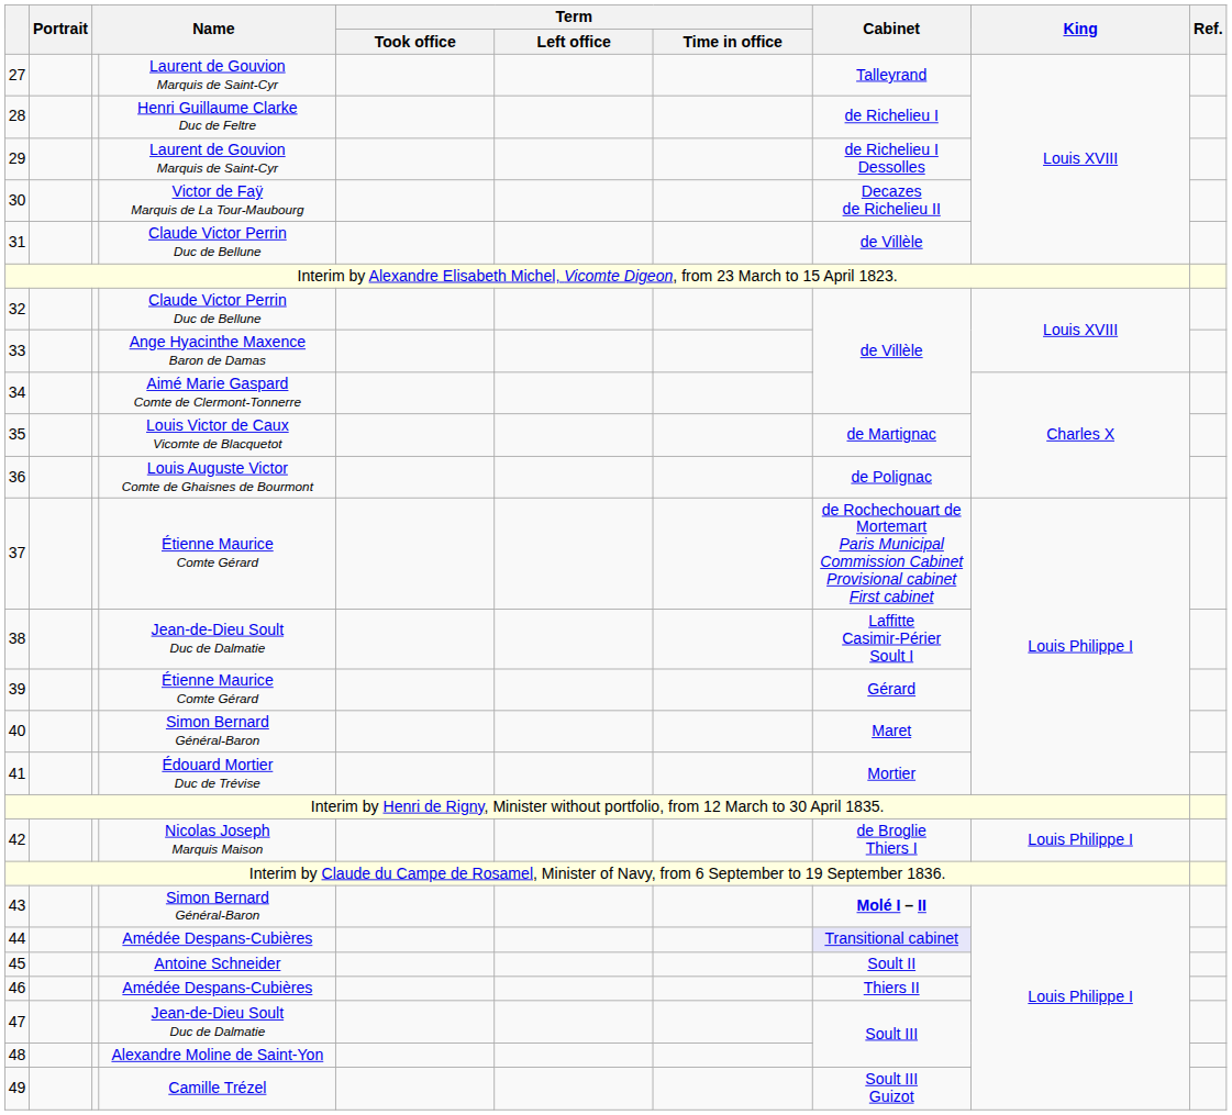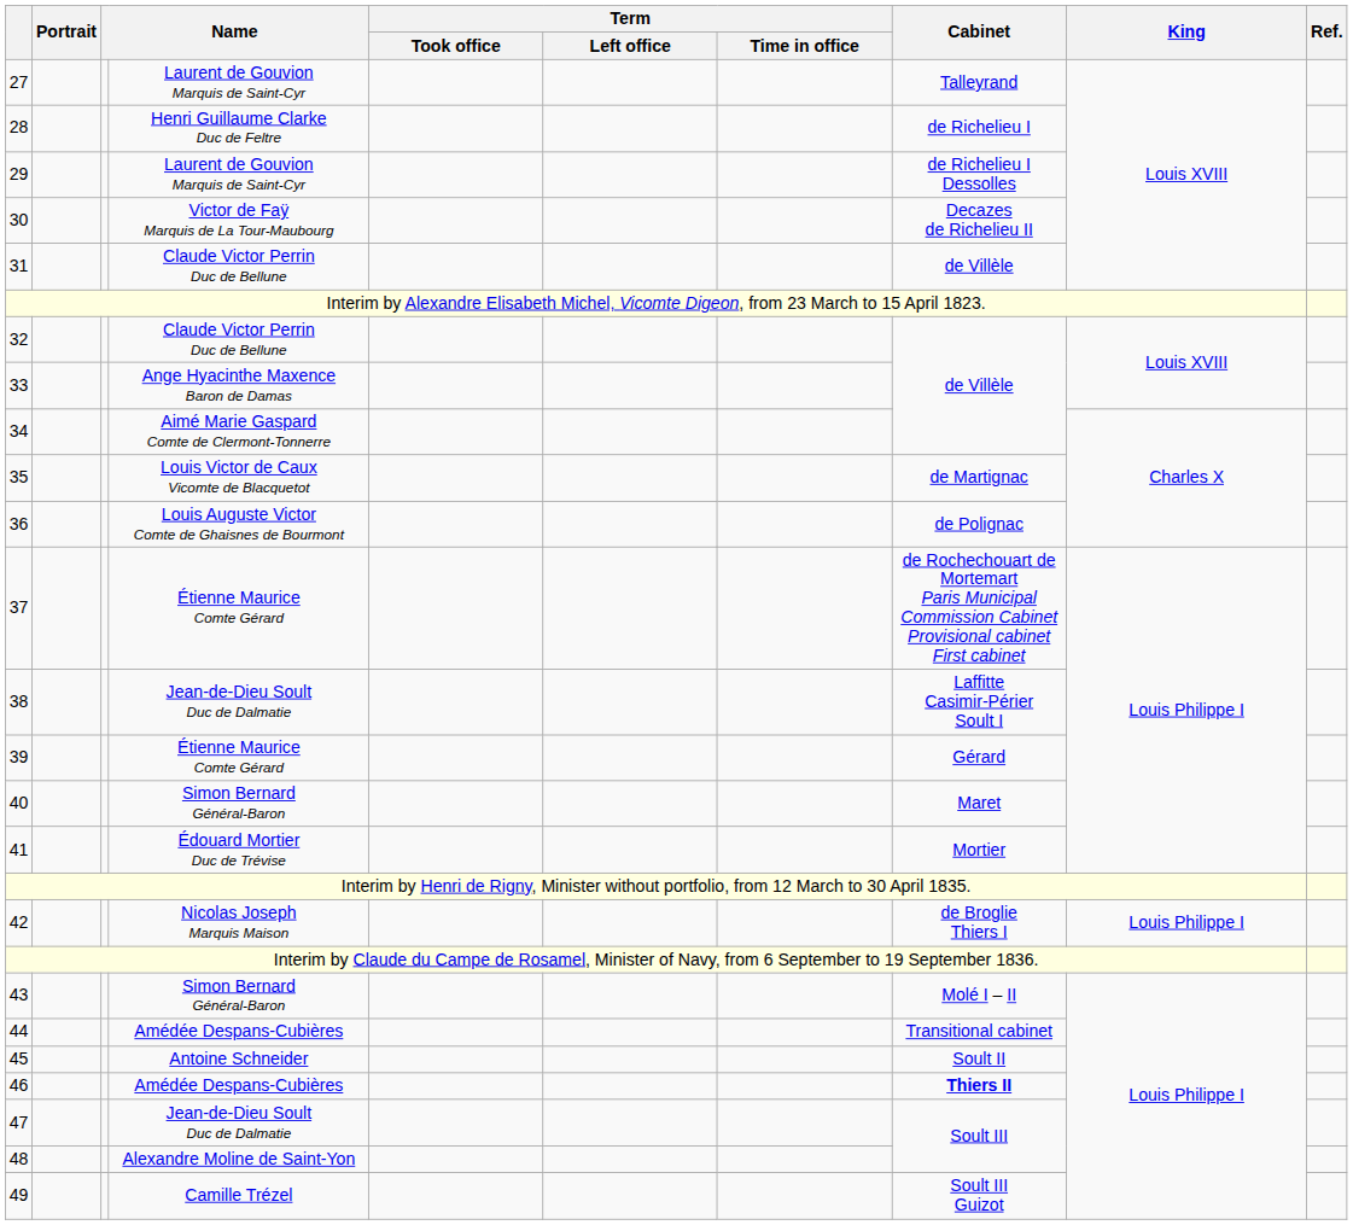 <table class="wikitable" style="text-align:center; width:100%">
 <tr>
 <th style="width:2%" rowspan=2></th>
 <th style="width:5%" rowspan=2>Portrait</th>
 <th style="width:20%" rowspan=2, colspan=2>Name</th>
 <th colspan=3>Term</th>
 <th style="width:13%" rowspan=2>Cabinet</th>
 <th rowspan=2><a href='#'>King</a></th>
 <th style="width:2%" rowspan=2>Ref.</th>
 </tr>
 <tr>
 <th style="width:13%">Took office</th>
 <th style="width:13%">Left office</th>
 <th style="width:13%">Time in office</th>
 </tr>
 <tr>
 <td>27</td>
 <td></td>
 <td style="background:"></td>
 <td><a href='#'>Laurent de Gouvion</a><br><small><em>Marquis de Saint-Cyr</em></small></td>
 <td></td>
 <td></td>
 <td></td>
 <td><a href='#'>Talleyrand</a></td>
 <td rowspan=5><a href='#'>Louis XVIII</a></td>
 <td></td>
 </tr>
 <tr>
 <td>28</td>
 <td></td>
 <td style="background:"></td>
 <td><a href='#'>Henri Guillaume Clarke</a><br><small><em>Duc de Feltre</em></small></td>
 <td></td>
 <td></td>
 <td></td>
 <td><a href='#'>de Richelieu I</a></td>
 <td></td>
 </tr>
 <tr>
 <td>29</td>
 <td></td>
 <td style="background:"></td>
 <td><a href='#'>Laurent de Gouvion</a><br><small><em>Marquis de Saint-Cyr</em></small></td>
 <td></td>
 <td></td>
 <td></td>
 <td><a href='#'>de Richelieu I</a><br><a href='#'>Dessolles</a></td>
 <td></td>
 </tr>
 <tr>
 <td>30</td>
 <td></td>
 <td style="background:"></td>
 <td><a href='#'>Victor de Faÿ</a><br><small><em>Marquis de La Tour-Maubourg</em></small></td>
 <td></td>
 <td></td>
 <td></td>
 <td><a href='#'>Decazes</a><br><a href='#'>de Richelieu II</a></td>
 <td></td>
 </tr>
 <tr>
 <td>31</td>
 <td></td>
 <td style="background:"></td>
 <td><a href='#'>Claude Victor Perrin</a><br><small><em>Duc de Bellune</em></small></td>
 <td></td>
 <td></td>
 <td></td>
 <td><a href='#'>de Villèle</a></td>
 <td></td>
 </tr>
 <tr bgcolor="lightyellow">
 <td colspan=9>Interim by <a href='#'>Alexandre Elisabeth Michel, <em>Vicomte Digeon</em></a>, from 23 March to 15 April 1823.</td>
 <td></td>
 </tr>
 <tr>
 <td>32</td>
 <td></td>
 <td style="background:"></td>
 <td><a href='#'>Claude Victor Perrin</a><br><small><em>Duc de Bellune</em></small></td>
 <td></td>
 <td></td>
 <td></td>
 <td rowspan=4><a href='#'>de Villèle</a></td>
 <td rowspan=3><a href='#'>Louis XVIII</a></td>
 <td></td>
 </tr>
 <tr>
 <td>33</td>
 <td></td>
 <td style="background:"></td>
 <td><a href='#'>Ange Hyacinthe Maxence</a><br><small><em>Baron de Damas</em></small></td>
 <td></td>
 <td></td>
 <td></td>
 <td></td>
 </tr>
 <tr>
 <td rowspan=2>34</td>
 <td rowspan=2></td>
 <td rowspan=2 style="background:"></td>
 <td rowspan=2><a href='#'>Aimé Marie Gaspard</a><br><small><em>Comte de Clermont-Tonnerre</em></small></td>
 <td rowspan=2></td>
 <td rowspan=2></td>
 <td rowspan=2></td>
 <td rowspan=2></td>
 </tr>
 <tr>
 <td rowspan=4><a href='#'>Charles X</a></td>
 </tr>
 <tr>
 <td>35</td>
 <td></td>
 <td style="background:"></td>
 <td><a href='#'>Louis Victor de Caux</a><br><small><em>Vicomte de Blacquetot</em></small></td>
 <td></td>
 <td></td>
 <td></td>
 <td><a href='#'>de Martignac</a></td>
 <td></td>
 </tr>
 <tr>
 <td>36</td>
 <td></td>
 <td style="background:"></td>
 <td><a href='#'>Louis Auguste Victor</a><br><small><em>Comte de Ghaisnes de Bourmont</em></small></td>
 <td></td>
 <td></td>
 <td></td>
 <td><a href='#'>de Polignac</a></td>
 <td></td>
 </tr>
 <tr>
 <td rowspan=2>37</td>
 <td rowspan=2></td>
 <td rowspan=2 style="background:"></td>
 <td rowspan=2><a href='#'>Étienne Maurice</a><br><small><em>Comte Gérard</em></small></td>
 <td rowspan=2></td>
 <td rowspan=2></td>
 <td rowspan=2></td>
 <td rowspan=2><a href='#'>de Rochechouart de Mortemart</a><br><a href='#'><em>Paris Municipal Commission Cabinet</em></a><br><a href='#'><em>Provisional cabinet</em></a><br><a href='#'><em>First cabinet</em></a></td>
 <td rowspan=2></td>
 </tr>
 <tr>
 <td rowspan=5><a href='#'>Louis Philippe I</a></td>
 </tr>
 <tr>
 <td>38</td>
 <td></td>
 <td style="background:"></td>
 <td><a href='#'>Jean-de-Dieu Soult</a><br><small><em>Duc de Dalmatie</em></small></td>
 <td></td>
 <td></td>
 <td></td>
 <td><a href='#'>Laffitte</a><br><a href='#'>Casimir-Périer</a><br><a href='#'>Soult I</a></td>
 <td></td>
 </tr>
 <tr>
 <td>39</td>
 <td></td>
 <td style="background:"></td>
 <td><a href='#'>Étienne Maurice</a><br><small><em>Comte Gérard</em></small></td>
 <td></td>
 <td></td>
 <td></td>
 <td><a href='#'>Gérard</a></td>
 <td></td>
 </tr>
 <tr>
 <td>40</td>
 <td></td>
 <td style="background:"></td>
 <td><a href='#'>Simon Bernard</a><br><small><em>Général-Baron</em></small></td>
 <td></td>
 <td></td>
 <td></td>
 <td><a href='#'>Maret</a></td>
 <td></td>
 </tr>
 <tr>
 <td>41</td>
 <td></td>
 <td style="background:"></td>
 <td><a href='#'>Édouard Mortier</a><br><small><em>Duc de Trévise</em></small></td>
 <td></td>
 <td></td>
 <td></td>
 <td><a href='#'>Mortier</a></td>
 <td></td>
 </tr>
 <tr bgcolor="lightyellow">
 <td colspan=9>Interim by <a href='#'>Henri de Rigny</a>, Minister without portfolio, from 12 March to 30 April 1835.</td>
 <td></td>
 </tr>
 <tr>
 <td>42</td>
 <td></td>
 <td style="background:"></td>
 <td><a href='#'>Nicolas Joseph</a><br><small><em>Marquis Maison</em></small></td>
 <td></td>
 <td></td>
 <td></td>
 <td><a href='#'>de Broglie</a><br><a href='#'>Thiers I</a></td>
 <td><a href='#'>Louis Philippe I</a></td>
 <td></td>
 </tr>
 <tr bgcolor="lightyellow">
 <td colspan=9>Interim by <a href='#'>Claude du Campe de Rosamel</a>, Minister of Navy, from 6 September to 19 September 1836.</td>
 <td></td>
 </tr>
 <tr>
 <td>43</td>
 <td></td>
 <td style="background:"></td>
 <td><a href='#'>Simon Bernard</a><br><small><em>Général-Baron</em></small></td>
 <td></td>
 <td></td>
 <td></td>
-<td><strong><a href='#'>Molé I</a> – <a href='#'>II</a></strong></td>
+<td><a href='#'>Molé I</a> – <a href='#'>II</a></td>
 <td rowspan=7><a href='#'>Louis Philippe I</a></td>
 <td></td>
 </tr>
 <tr>
 <td>44</td>
 <td></td>
 <td style="background:"></td>
 <td><a href='#'>Amédée Despans-Cubières</a></td>
 <td></td>
 <td></td>
 <td></td>
-<td style="background: lavender;"><a href='#'>Transitional cabinet</a></td>
+<td><a href='#'>Transitional cabinet</a></td>
 <td></td>
 </tr>
 <tr>
 <td>45</td>
 <td></td>
 <td style="background:"></td>
 <td><a href='#'>Antoine Schneider</a></td>
 <td></td>
 <td></td>
 <td></td>
 <td><a href='#'>Soult II</a></td>
 <td></td>
 </tr>
 <tr>
 <td>46</td>
 <td></td>
 <td style="background:"></td>
 <td><a href='#'>Amédée Despans-Cubières</a></td>
 <td></td>
 <td></td>
 <td></td>
-<td><a href='#'>Thiers II</a></td>
+<td><strong><a href='#'>Thiers II</a></strong></td>
 <td></td>
 </tr>
 <tr>
 <td>47</td>
 <td></td>
 <td style="background:"></td>
 <td><a href='#'>Jean-de-Dieu Soult</a><br><small><em>Duc de Dalmatie</em></small></td>
 <td></td>
 <td></td>
 <td></td>
 <td rowspan=2><a href='#'>Soult III</a></td>
 <td></td>
 </tr>
 <tr>
 <td>48</td>
 <td></td>
 <td style="background:"></td>
 <td><a href='#'>Alexandre Moline de Saint-Yon</a></td>
 <td></td>
 <td></td>
 <td></td>
 <td></td>
 </tr>
 <tr>
 <td>49</td>
 <td></td>
 <td style="background:"></td>
 <td><a href='#'>Camille Trézel</a></td>
 <td></td>
 <td></td>
 <td></td>
 <td><a href='#'>Soult III</a><br><a href='#'>Guizot</a></td>
 <td></td>
 </tr>
 </table>
